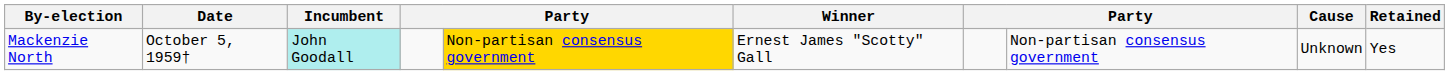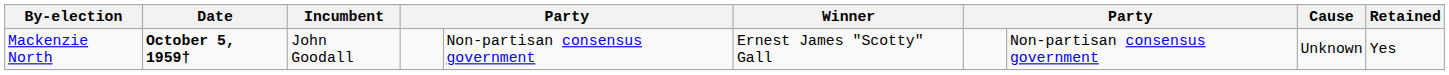 <table class=wikitable style="width:100%">
 <tr>
 <th>By-election</th>
 <th>Date</th>
 <th>Incumbent</th>
 <th colspan=2>Party</th>
 <th>Winner</th>
 <th colspan=2>Party</th>
 <th>Cause</th>
 <th>Retained</th>
 </tr>
 <tr>
 <td><a href='#'>Mackenzie North</a></td>
-<td>October 5, 1959†</td>
-<td style="background: paleturquoise;">John Goodall</td>
+<td><strong>October 5, 1959†</strong></td>
+<td>John Goodall</td>
 <td>    </td>
-<td style="background: gold;">Non-partisan <a href='#'>consensus government</a></td>
+<td>Non-partisan <a href='#'>consensus government</a></td>
 <td>Ernest James "Scotty" Gall</td>
 <td>    </td>
 <td>Non-partisan <a href='#'>consensus government</a></td>
 <td>Unknown</td>
 <td>Yes</td>
 </tr>
 </table>
